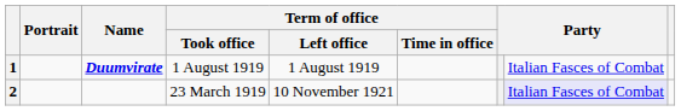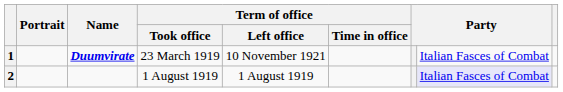 <table class="wikitable" style="text-align:center;">
 <tr>
 <th rowspan=2></th>
 <th rowspan=2>Portrait</th>
 <th rowspan=2>Name<br></th>
 <th colspan=3>Term of office</th>
 <th colspan=2 rowspan=2>Party</th>
 <th rowspan=2></th>
 </tr>
 <tr>
 <th>Took office</th>
 <th>Left office</th>
 <th>Time in office</th>
 </tr>
 <tr>
 <th>1</th>
 <td></td>
 <td><strong><em><a href='#'>Duumvirate</a></em></strong></td>
-<td>1 August 1919</td>
-<td>1 August 1919</td>
+<td>23 March 1919</td>
+<td>10 November 1921</td>
 <td></td>
 <th style="background: "></th>
 <td><a href='#'>Italian Fasces of Combat</a></td>
 <td></td>
 </tr>
 <tr>
 <th>2</th>
 <td></td>
 <td><strong></strong><br></td>
-<td>23 March 1919</td>
-<td>10 November 1921</td>
+<td>1 August 1919</td>
+<td>1 August 1919</td>
 <td></td>
 <th style="background: "></th>
 <td style="background: lavender;"><a href='#'>Italian Fasces of Combat</a></td>
 <td></td>
 </tr>
 </table>
